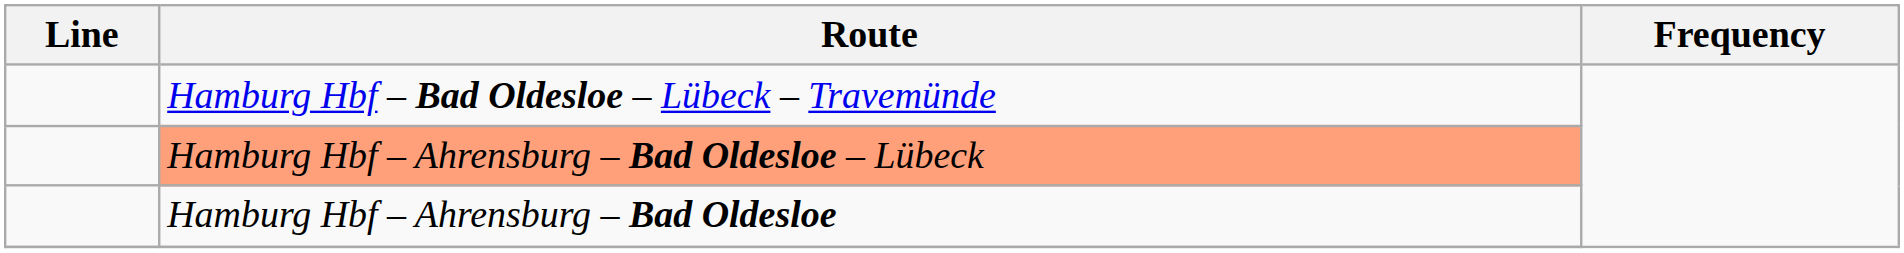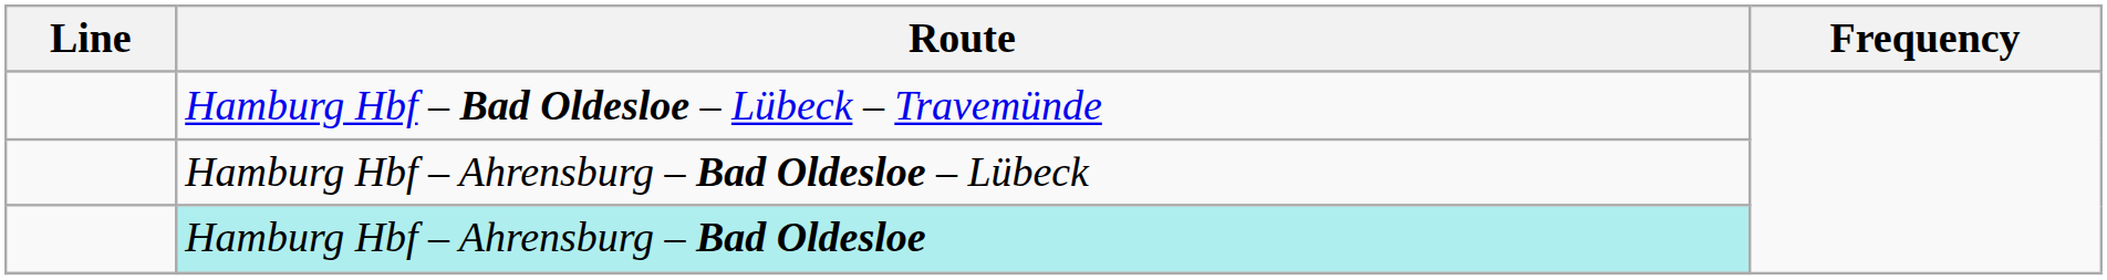 <table class="wikitable float" style="width: 800px;">
 <tr>
 <th>Line</th>
 <th>Route</th>
 <th>Frequency</th>
 </tr>
 <tr>
 <td></td>
 <td><em><a href='#'>Hamburg Hbf</a> – <strong>Bad Oldesloe</strong> – <a href='#'>Lübeck</a> – <a href='#'>Travemünde</a></em></td>
 </tr>
 <tr>
 <td></td>
-<td style="background: lightsalmon;"><em>Hamburg Hbf – Ahrensburg – <strong>Bad Oldesloe</strong> – Lübeck</em></td>
+<td><em>Hamburg Hbf – Ahrensburg – <strong>Bad Oldesloe</strong> – Lübeck</em></td>
 </tr>
 <tr>
 <td></td>
-<td><em>Hamburg Hbf – Ahrensburg – <strong>Bad Oldesloe</strong> </em></td>
+<td style="background: paleturquoise;"><em>Hamburg Hbf – Ahrensburg – <strong>Bad Oldesloe</strong> </em></td>
 </tr>
 <tr>
 </tr>
 </table>
